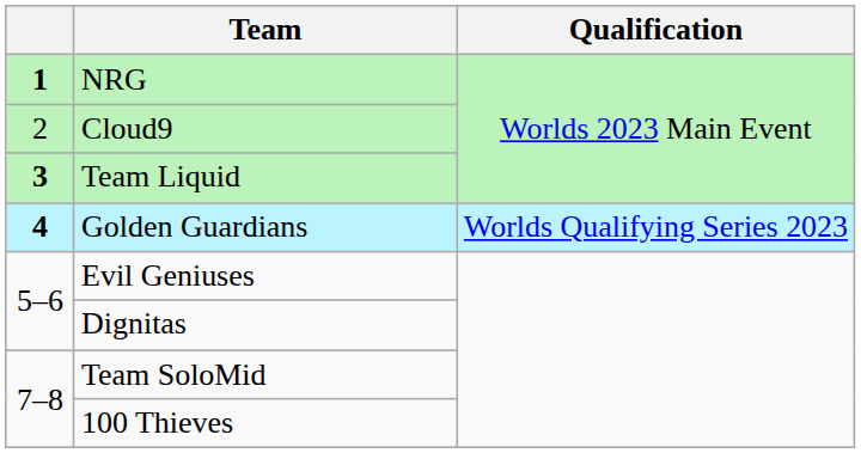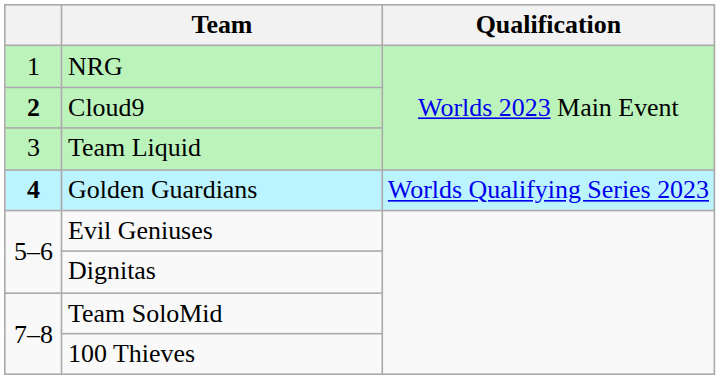 <table class="wikitable" style="text-align:center">
 <tr>
 <th width=28></th>
 <th width=190>Team</th>
 <th>Qualification</th>
 </tr>
 <tr style="background-color:#BBF3BB;">
-<td><strong>1</strong></td>
+<td>1</td>
 <td style="text-align:left">NRG</td>
 <td rowspan="3"><a href='#'>Worlds 2023</a> Main Event</td>
 </tr>
 <tr style="background-color:#BBF3BB;">
-<td>2</td>
+<td><strong>2</strong></td>
 <td style="text-align:left">Cloud9</td>
 </tr>
 <tr style="background-color:#BBF3BB;">
-<td><strong>3</strong></td>
+<td>3</td>
 <td style="text-align:left">Team Liquid</td>
 </tr>
 <tr style="background-color:#BBF3FF;">
 <td><strong>4</strong></td>
 <td style="text-align:left">Golden Guardians</td>
 <td><a href='#'>Worlds Qualifying Series 2023</a></td>
 </tr>
 <tr>
 <td rowspan="2">5–6</td>
 <td style="text-align:left">Evil Geniuses</td>
 <td rowspan="4"></td>
 </tr>
 <tr>
 <td style="text-align:left">Dignitas</td>
 </tr>
 <tr>
 <td rowspan="2">7–8</td>
 <td style="text-align:left">Team SoloMid</td>
 </tr>
 <tr>
 <td style="text-align:left">100 Thieves</td>
 </tr>
 </table>
